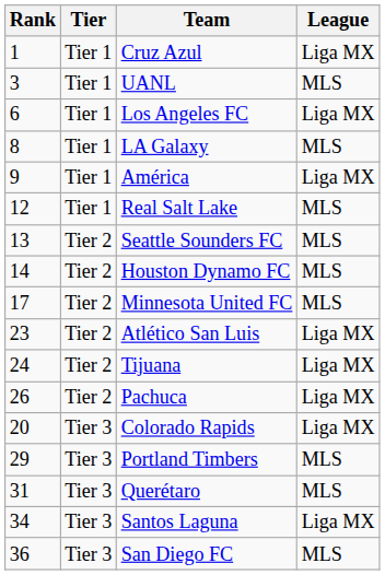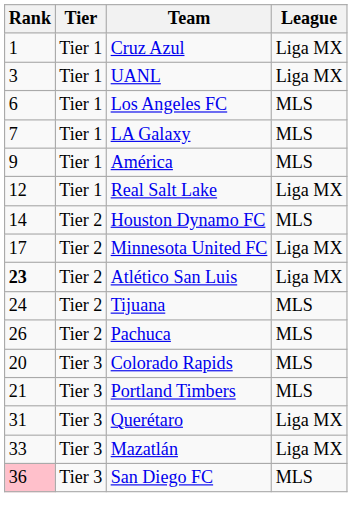 <table class="wikitable" style="white-space:nowrap; display:inline-table;">
 <tr>
 <th>Rank</th>
 <th>Tier</th>
 <th>Team</th>
 <th>League</th>
 </tr>
 <tr>
 <td>1</td>
 <td>Tier 1</td>
 <td><a href='#'>Cruz Azul</a></td>
 <td>Liga MX</td>
 </tr>
 <tr>
 <td>3</td>
 <td>Tier 1</td>
 <td><a href='#'>UANL</a></td>
-<td>MLS</td>
+<td>Liga MX</td>
 </tr>
 <tr>
 <td>6</td>
 <td>Tier 1</td>
 <td><a href='#'>Los Angeles FC</a></td>
-<td>Liga MX</td>
+<td>MLS</td>
 </tr>
 <tr>
-<td>8</td>
+<td>7</td>
 <td>Tier 1</td>
 <td><a href='#'>LA Galaxy</a></td>
 <td>MLS</td>
 </tr>
 <tr>
 <td>9</td>
 <td>Tier 1</td>
 <td><a href='#'>América</a></td>
-<td>Liga MX</td>
+<td>MLS</td>
 </tr>
 <tr>
 <td>12</td>
 <td>Tier 1</td>
 <td><a href='#'>Real Salt Lake</a></td>
-<td>MLS</td>
-</tr>
-<tr>
-<td>13</td>
-<td>Tier 2</td>
-<td><a href='#'>Seattle Sounders FC</a></td>
-<td>MLS</td>
+<td>Liga MX</td>
 </tr>
 <tr>
 <td>14</td>
 <td>Tier 2</td>
 <td><a href='#'>Houston Dynamo FC</a></td>
 <td>MLS</td>
 </tr>
 <tr>
 <td>17</td>
 <td>Tier 2</td>
 <td><a href='#'>Minnesota United FC</a></td>
-<td>MLS</td>
+<td>Liga MX</td>
 </tr>
 <tr>
-<td>23</td>
+<td><strong>23</strong></td>
 <td>Tier 2</td>
 <td><a href='#'>Atlético San Luis</a></td>
 <td>Liga MX</td>
 </tr>
 <tr>
 <td>24</td>
 <td>Tier 2</td>
 <td><a href='#'>Tijuana</a></td>
-<td>Liga MX</td>
+<td>MLS</td>
 </tr>
 <tr>
 <td>26</td>
 <td>Tier 2</td>
 <td><a href='#'>Pachuca</a></td>
-<td>Liga MX</td>
+<td>MLS</td>
 </tr>
 <tr>
 <td>20</td>
 <td>Tier 3</td>
 <td><a href='#'>Colorado Rapids</a></td>
-<td>Liga MX</td>
+<td>MLS</td>
 </tr>
 <tr>
-<td>29</td>
+<td>21</td>
 <td>Tier 3</td>
 <td><a href='#'>Portland Timbers</a></td>
 <td>MLS</td>
 </tr>
 <tr>
 <td>31</td>
 <td>Tier 3</td>
 <td><a href='#'>Querétaro</a></td>
-<td>MLS</td>
-</tr>
-<tr>
-<td>34</td>
-<td>Tier 3</td>
-<td><a href='#'>Santos Laguna</a></td>
 <td>Liga MX</td>
 </tr>
 <tr>
-<td>36</td>
+<td>33</td>
+<td>Tier 3</td>
+<td><a href='#'>Mazatlán</a></td>
+<td>Liga MX</td>
+</tr>
+<tr>
+<td style="background: pink;">36</td>
 <td>Tier 3</td>
 <td><a href='#'>San Diego FC</a></td>
 <td>MLS</td>
 </tr>
 </table>
